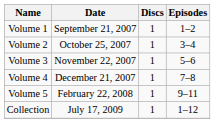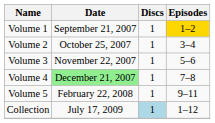 <table class="wikitable" style="text-align:center;">
 <tr>
 <th>Name</th>
 <th>Date</th>
 <th>Discs</th>
 <th>Episodes</th>
 </tr>
 <tr>
 <td>Volume 1</td>
 <td>September 21, 2007</td>
 <td>1</td>
-<td>1–2</td>
+<td style="background: gold;">1–2</td>
 </tr>
 <tr>
 <td>Volume 2</td>
 <td>October 25, 2007</td>
 <td>1</td>
 <td>3–4</td>
 </tr>
 <tr>
 <td>Volume 3</td>
 <td>November 22, 2007</td>
 <td>1</td>
 <td>5–6</td>
 </tr>
 <tr>
 <td>Volume 4</td>
-<td>December 21, 2007</td>
+<td style="background: lightgreen;">December 21, 2007</td>
 <td>1</td>
 <td>7–8</td>
 </tr>
 <tr>
 <td>Volume 5</td>
 <td>February 22, 2008</td>
 <td>1</td>
 <td>9–11</td>
 </tr>
 <tr>
 <td>Collection</td>
 <td>July 17, 2009</td>
-<td>1</td>
+<td style="background: lightblue;">1</td>
 <td>1–12</td>
 </tr>
 <tr>
 </tr>
 </table>
